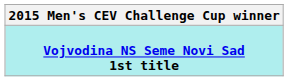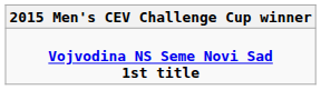 <table class=wikitable style="text-align:center; margin:auto">
 <tr>
 <th>2015 Men's CEV Challenge Cup winner</th>
 </tr>
 <tr>
-<td style="background: paleturquoise;"><br><strong><a href='#'>Vojvodina NS Seme Novi Sad</a></strong><br> <strong>1st title</strong></td>
+<td><br><strong><a href='#'>Vojvodina NS Seme Novi Sad</a></strong><br> <strong>1st title</strong></td>
 </tr>
 </table>
